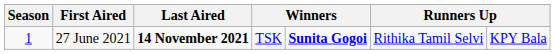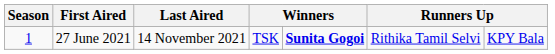 <table class="wikitable" style="text-align:center;">
 <tr>
 <th>Season</th>
 <th>First Aired</th>
 <th>Last Aired</th>
 <th colspan=2>Winners</th>
 <th colspan=2>Runners Up</th>
 </tr>
 <tr>
 <td><a href='#'>1</a></td>
 <td>27 June 2021</td>
-<td><strong>14 November 2021</strong></td>
+<td>14 November 2021</td>
 <td><a href='#'>TSK</a></td>
 <td><strong><a href='#'>Sunita Gogoi</a></strong></td>
 <td><a href='#'>Rithika Tamil Selvi</a></td>
 <td><a href='#'>KPY Bala</a></td>
 </tr>
 </table>
